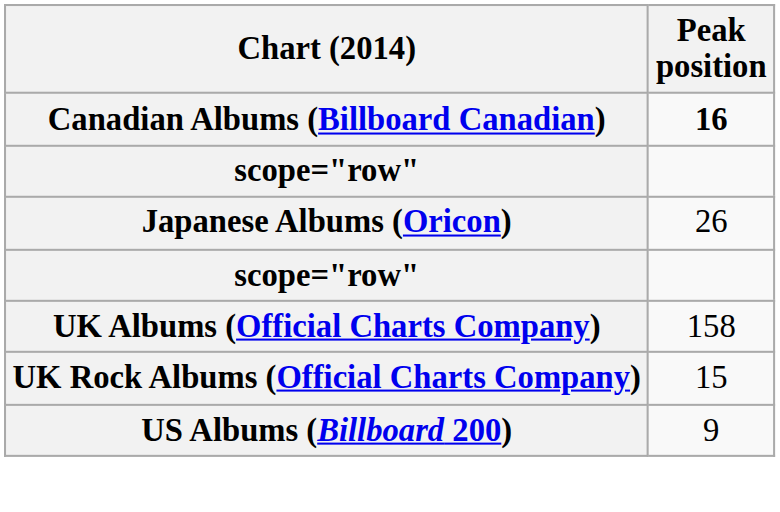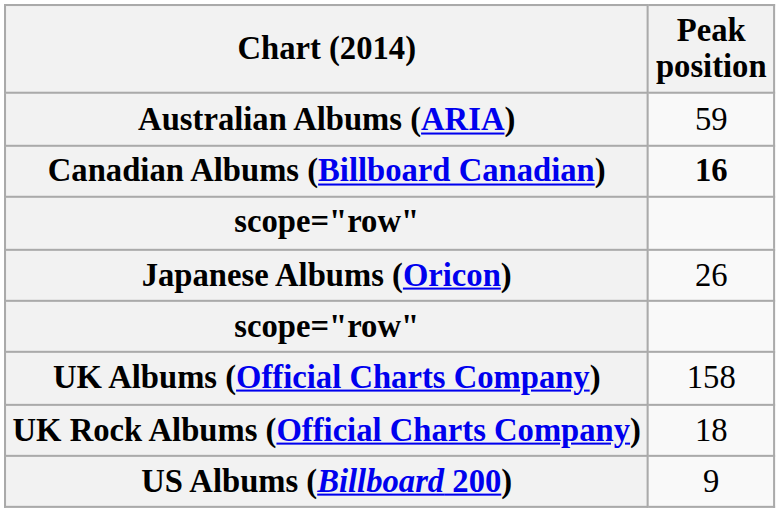 <table class="wikitable sortable plainrowheaders">
 <tr>
 <th>Chart (2014)</th>
 <th>Peak<br>position</th>
+</tr>
+<tr>
+<th scope="row">Australian Albums (<a href='#'>ARIA</a>)</th>
+<td align="center">59</td>
 </tr>
 <tr>
 <th scope="row">Canadian Albums (<a href='#'>Billboard Canadian</a>)</th>
 <td align="center"><strong>16</strong></td>
 </tr>
 <tr>
 <th>scope="row"</th>
 </tr>
 <tr>
 <th scope="row">Japanese Albums (<a href='#'>Oricon</a>)</th>
 <td align="center">26</td>
 </tr>
 <tr>
 <th>scope="row"</th>
 </tr>
 <tr>
 <th scope="row">UK Albums (<a href='#'>Official Charts Company</a>)</th>
 <td align="center">158</td>
 </tr>
 <tr>
 <th scope="row">UK Rock Albums (<a href='#'>Official Charts Company</a>)</th>
-<td align="center">15</td>
+<td align="center">18</td>
 </tr>
 <tr>
 <th scope="row">US Albums (<a href='#'><em>Billboard</em> 200</a>)</th>
 <td align="center">9</td>
 </tr>
 </table>
